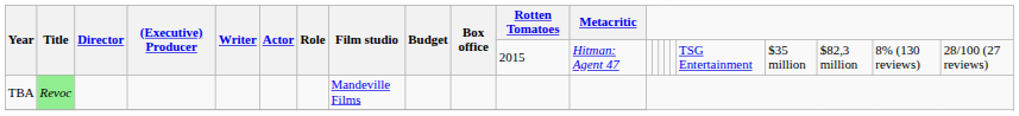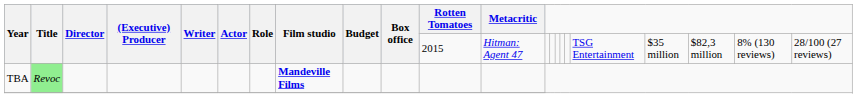 <table class="wikitable sortable">
 <tr style="background:#b0c4de; text-align:center;">
 <th rowspan="2">Year</th>
 <th rowspan="2">Title</th>
 <th rowspan="2"><a href='#'>Director</a></th>
 <th rowspan="2"><a href='#'>(Executive) Producer</a></th>
 <th rowspan="2"><a href='#'>Writer</a></th>
 <th rowspan="2"><a href='#'>Actor</a></th>
 <th rowspan="2">Role</th>
 <th rowspan="2">Film studio</th>
 <th rowspan="2">Budget</th>
 <th rowspan="2">Box office</th>
 <th><a href='#'>Rotten Tomatoes</a></th>
 <th><a href='#'>Metacritic</a></th>
 </tr>
 <tr>
 <td>2015</td>
 <td><em><a href='#'>Hitman: Agent 47</a></em></td>
 <td></td>
 <td></td>
 <td></td>
 <td></td>
 <td></td>
 <td><a href='#'>TSG Entertainment</a></td>
 <td>$35 million</td>
 <td>$82,3 million</td>
 <td>8% (130 reviews)</td>
 <td>28/100 (27 reviews)</td>
 </tr>
 <tr>
 <td>TBA</td>
 <td style="background: lightgreen;"><em>Revoc</em></td>
 <td></td>
 <td></td>
 <td></td>
 <td></td>
 <td></td>
-<td><a href='#'>Mandeville Films</a></td>
+<td><strong><a href='#'>Mandeville Films</a></strong></td>
 <td></td>
 <td></td>
 <td></td>
 <td></td>
 </tr>
 <tr>
 </tr>
 </table>
